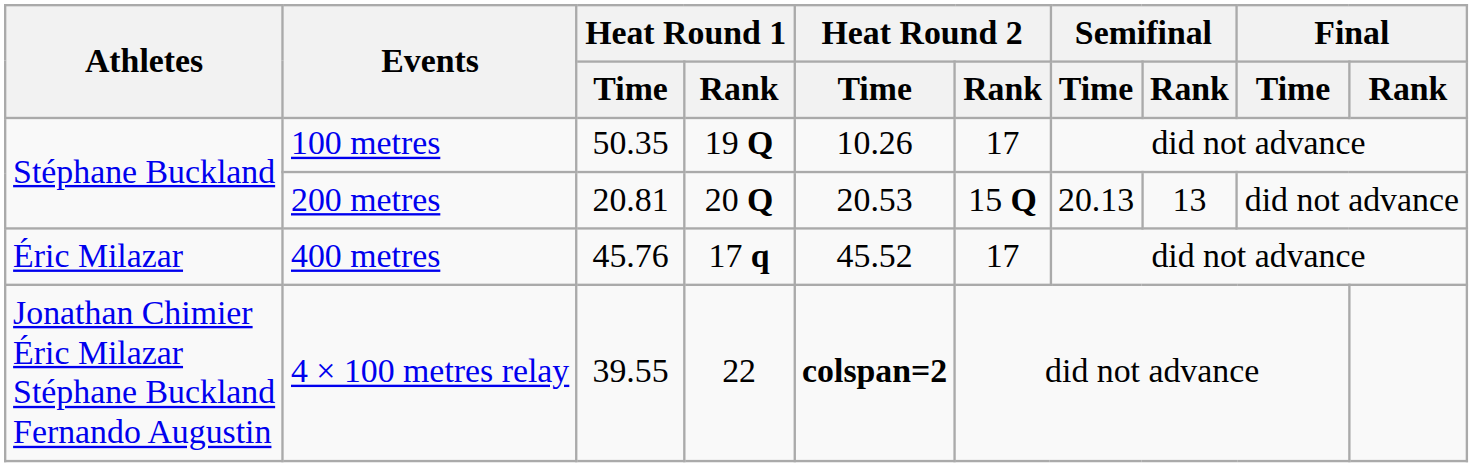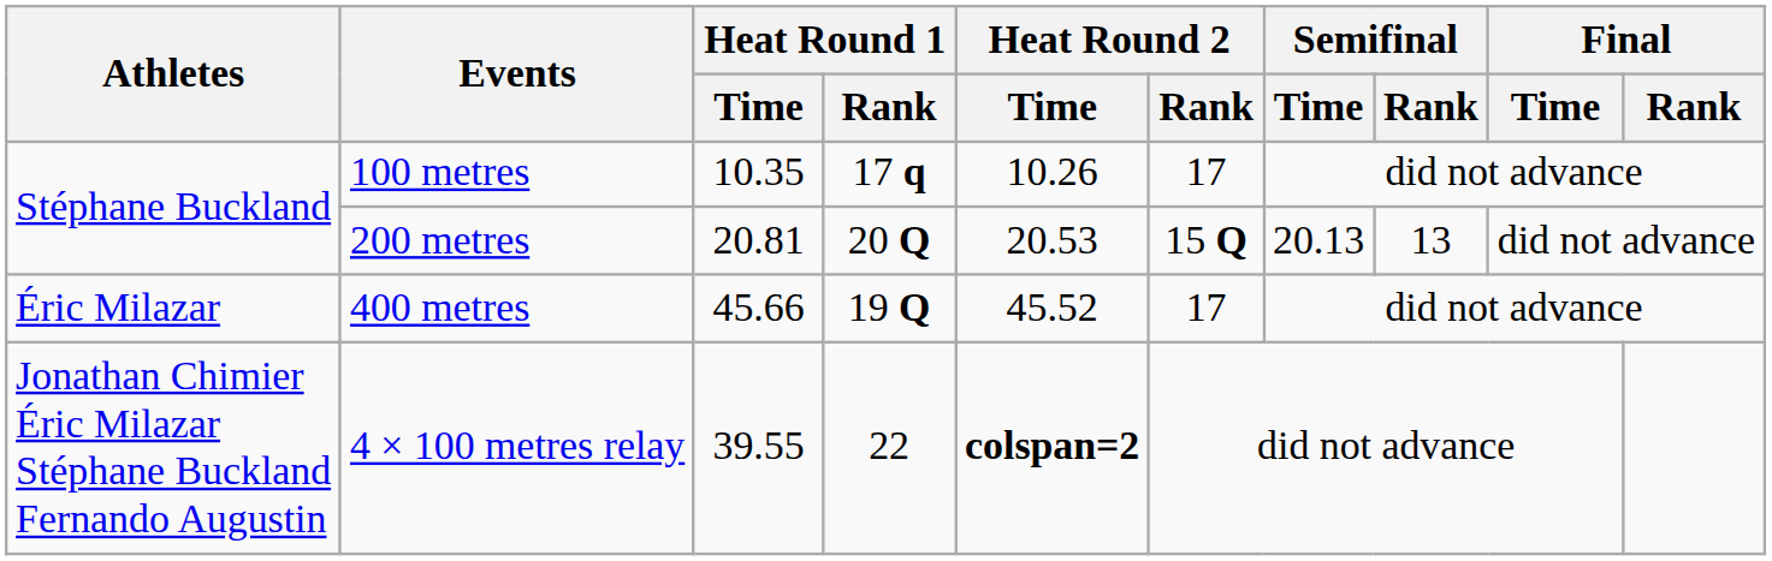 <table class=wikitable style=font-size:90%>
 <tr>
 <th rowspan=2>Athletes</th>
 <th rowspan=2>Events</th>
 <th colspan=2>Heat Round 1</th>
 <th colspan=2>Heat Round 2</th>
 <th colspan=2>Semifinal</th>
 <th colspan=2>Final</th>
 </tr>
 <tr>
 <th>Time</th>
 <th>Rank</th>
 <th>Time</th>
 <th>Rank</th>
 <th>Time</th>
 <th>Rank</th>
 <th>Time</th>
 <th>Rank</th>
 </tr>
 <tr>
 <td rowspan=2><a href='#'>Stéphane Buckland</a></td>
 <td><a href='#'>100 metres</a></td>
-<td align=center>50.35</td>
-<td align=center>19 <strong>Q</strong></td>
+<td align=center>10.35</td>
+<td align=center>17 <strong>q</strong></td>
 <td align=center>10.26</td>
 <td align=center>17</td>
 <td align=center colspan=4>did not advance</td>
 </tr>
 <tr>
 <td><a href='#'>200 metres</a></td>
 <td align=center>20.81</td>
 <td align=center>20 <strong>Q</strong></td>
 <td align=center>20.53</td>
 <td align=center>15 <strong>Q</strong></td>
 <td align=center>20.13</td>
 <td align=center>13</td>
 <td align=center colspan=2>did not advance</td>
 </tr>
 <tr>
 <td><a href='#'>Éric Milazar</a></td>
 <td><a href='#'>400 metres</a></td>
-<td align=center>45.76</td>
-<td align=center>17 <strong>q</strong></td>
+<td align=center>45.66</td>
+<td align=center>19 <strong>Q</strong></td>
 <td align=center>45.52</td>
 <td align=center>17</td>
 <td align=center colspan=4>did not advance</td>
 </tr>
 <tr>
 <td><a href='#'>Jonathan Chimier</a><br><a href='#'>Éric Milazar</a><br><a href='#'>Stéphane Buckland</a><br><a href='#'>Fernando Augustin</a></td>
 <td><a href='#'>4 × 100 metres relay</a></td>
 <td align=center>39.55</td>
 <td align=center>22</td>
 <td><strong>colspan=2</strong></td>
 <td align=center colspan=4>did not advance</td>
 </tr>
 </table>
